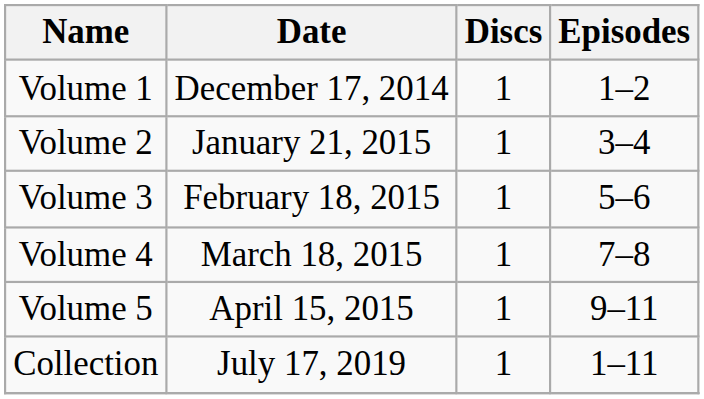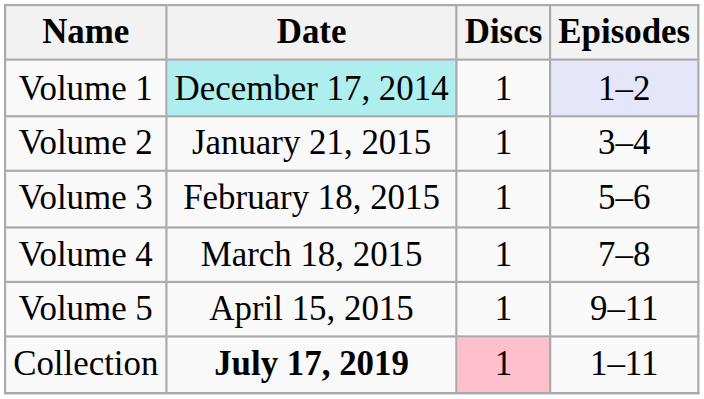 <table class="wikitable" style="text-align:center;">
 <tr>
 <th>Name</th>
 <th>Date</th>
 <th>Discs</th>
 <th>Episodes</th>
 </tr>
 <tr>
 <td>Volume 1</td>
-<td>December 17, 2014</td>
+<td style="background: paleturquoise;">December 17, 2014</td>
 <td>1</td>
-<td>1–2</td>
+<td style="background: lavender;">1–2</td>
 </tr>
 <tr>
 <td>Volume 2</td>
 <td>January 21, 2015</td>
 <td>1</td>
 <td>3–4</td>
 </tr>
 <tr>
 <td>Volume 3</td>
 <td>February 18, 2015</td>
 <td>1</td>
 <td>5–6</td>
 </tr>
 <tr>
 <td>Volume 4</td>
 <td>March 18, 2015</td>
 <td>1</td>
 <td>7–8</td>
 </tr>
 <tr>
 <td>Volume 5</td>
 <td>April 15, 2015</td>
 <td>1</td>
 <td>9–11</td>
 </tr>
 <tr>
 <td>Collection</td>
-<td>July 17, 2019</td>
-<td>1</td>
+<td><strong>July 17, 2019</strong></td>
+<td style="background: pink;">1</td>
 <td>1–11</td>
 </tr>
 <tr>
 </tr>
 </table>
